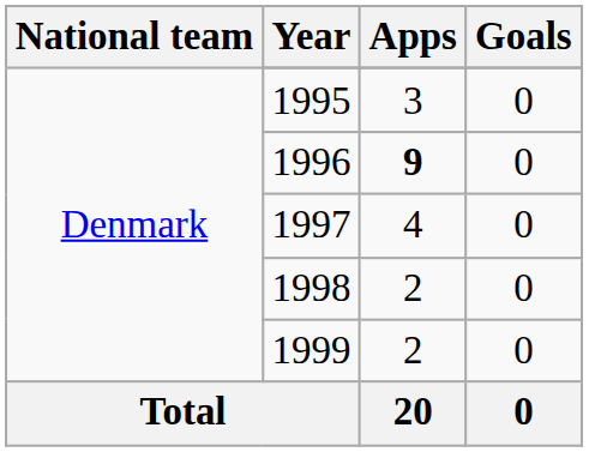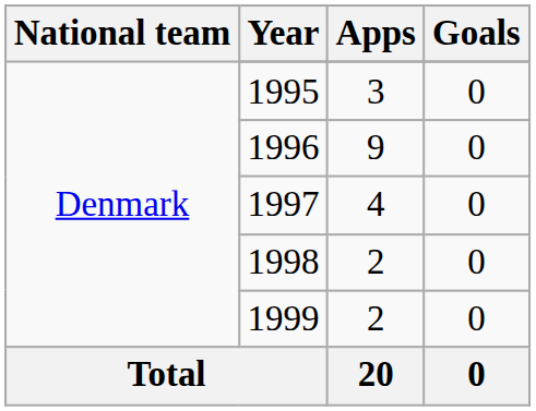 <table class="wikitable" style="text-align:center">
 <tr>
 <th>National team</th>
 <th>Year</th>
 <th>Apps</th>
 <th>Goals</th>
 </tr>
 <tr>
 <td rowspan=6><a href='#'>Denmark</a></td>
 </tr>
 <tr>
 <td>1995</td>
 <td>3</td>
 <td>0</td>
 </tr>
 <tr>
 <td>1996</td>
-<td><strong>9</strong></td>
+<td>9</td>
 <td>0</td>
 </tr>
 <tr>
 <td>1997</td>
 <td>4</td>
 <td>0</td>
 </tr>
 <tr>
 <td>1998</td>
 <td>2</td>
 <td>0</td>
 </tr>
 <tr>
 <td>1999</td>
 <td>2</td>
 <td>0</td>
 </tr>
 <tr>
 <th colspan=2>Total</th>
 <th>20</th>
 <th>0</th>
 </tr>
 </table>
